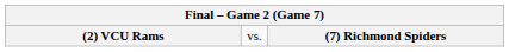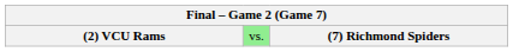 <table class="wikitable">
 <tr>
 <th style="width: 594px;" colspan=3>Final – Game 2 (Game 7)</th>
 </tr>
 <tr>
 <th style="width: 284px; ">(2) VCU Rams</th>
-<td style="width: 25px; text-align:center">vs.</td>
+<td style="background: lightgreen; width: 25px; text-align:center">vs.</td>
 <th style="width: 284px; ">(7) Richmond Spiders</th>
 </tr>
 </table>
